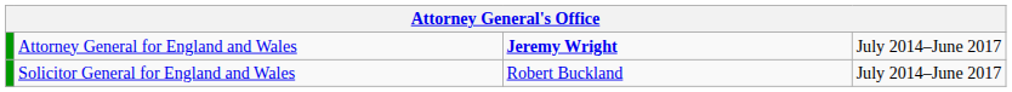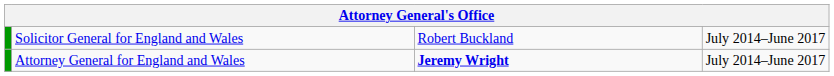 <table class="wikitable">
 <tr>
 <th colspan="4"><a href='#'>Attorney General's Office</a></th>
+</tr>
+<tr>
+<td style="width:1px; background:#090;"></td>
+<td><a href='#'>Solicitor General for England and Wales</a></td>
+<td><a href='#'>Robert Buckland</a></td>
+<td>July 2014–June 2017</td>
 </tr>
 <tr>
 <td style="width:1px; background:#090;"></td>
 <td style="width: 450px;"><a href='#'>Attorney General for England and Wales</a></td>
 <td style="width: 320px;"><strong><a href='#'>Jeremy Wright</a></strong></td>
 <td>July 2014–June 2017</td>
 </tr>
-<tr>
-<td style="width:1px; background:#090;"></td>
-<td><a href='#'>Solicitor General for England and Wales</a></td>
-<td><a href='#'>Robert Buckland</a></td>
-<td>July 2014–June 2017</td>
-</tr>
 </table>
